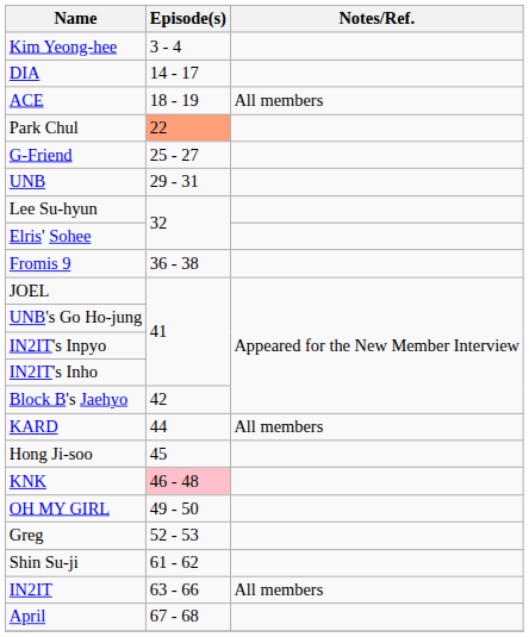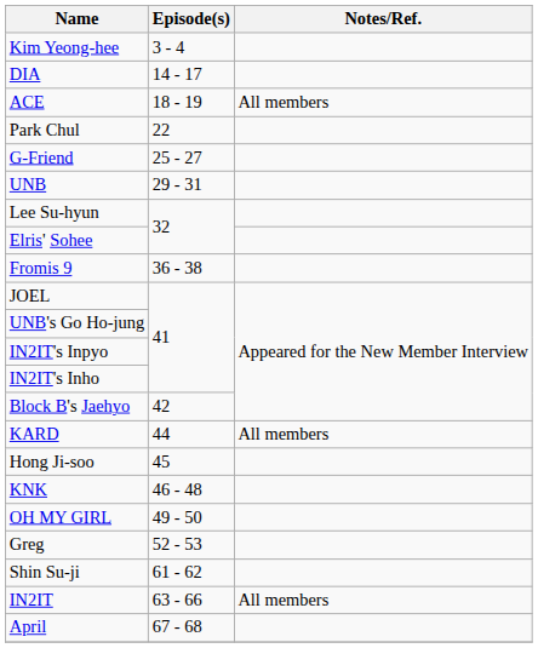 <table class="wikitable">
 <tr>
 <th>Name</th>
 <th>Episode(s)</th>
 <th>Notes/Ref.</th>
 </tr>
 <tr>
 <td><a href='#'>Kim Yeong-hee</a></td>
 <td>3 - 4</td>
 <td></td>
 </tr>
 <tr>
 <td><a href='#'>DIA</a></td>
 <td>14 - 17</td>
 <td></td>
 </tr>
 <tr>
 <td><a href='#'>ACE</a></td>
 <td>18 - 19</td>
 <td>All members</td>
 </tr>
 <tr>
 <td>Park Chul</td>
-<td style="background: lightsalmon;">22</td>
+<td>22</td>
 <td></td>
 </tr>
 <tr>
 <td><a href='#'>G-Friend</a></td>
 <td>25 - 27</td>
 <td></td>
 </tr>
 <tr>
 <td><a href='#'>UNB</a></td>
 <td>29 - 31</td>
 <td></td>
 </tr>
 <tr>
 <td>Lee Su-hyun</td>
 <td rowspan="2">32</td>
 <td></td>
 </tr>
 <tr>
 <td><a href='#'>Elris</a>' <a href='#'>Sohee</a></td>
 <td></td>
 </tr>
 <tr>
 <td><a href='#'>Fromis 9</a></td>
 <td>36 - 38</td>
 <td></td>
 </tr>
 <tr>
 <td>JOEL</td>
 <td rowspan="4">41</td>
 <td rowspan="5">Appeared for the New Member Interview</td>
 </tr>
 <tr>
 <td><a href='#'>UNB</a>'s Go Ho-jung</td>
 </tr>
 <tr>
 <td><a href='#'>IN2IT</a>'s Inpyo</td>
 </tr>
 <tr>
 <td><a href='#'>IN2IT</a>'s Inho</td>
 </tr>
 <tr>
 <td><a href='#'>Block B</a>'s <a href='#'>Jaehyo</a></td>
 <td>42</td>
 </tr>
 <tr>
 <td><a href='#'>KARD</a></td>
 <td>44</td>
 <td>All members</td>
 </tr>
 <tr>
 <td>Hong Ji-soo</td>
 <td>45</td>
 <td></td>
 </tr>
 <tr>
 <td><a href='#'>KNK</a></td>
-<td style="background: pink;">46 - 48</td>
+<td>46 - 48</td>
 <td></td>
 </tr>
 <tr>
 <td><a href='#'>OH MY GIRL</a></td>
 <td>49 - 50</td>
 <td></td>
 </tr>
 <tr>
 <td>Greg</td>
 <td>52 - 53</td>
 <td></td>
 </tr>
 <tr>
 <td>Shin Su-ji</td>
 <td>61 - 62</td>
 <td></td>
 </tr>
 <tr>
 <td><a href='#'>IN2IT</a></td>
 <td>63 - 66</td>
 <td>All members</td>
 </tr>
 <tr>
 <td><a href='#'>April</a></td>
 <td>67 - 68</td>
 <td></td>
 </tr>
 <tr>
 </tr>
 </table>
